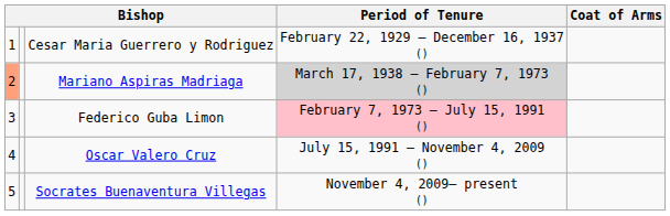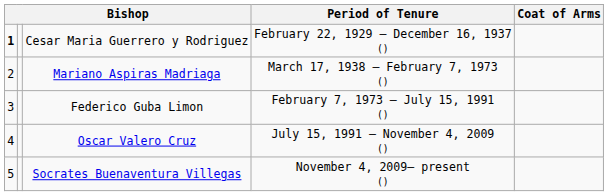 <table class="wikitable" style="font-size:90%;">
 <tr>
 <th colspan=3>Bishop</th>
 <th>Period of Tenure</th>
 <th>Coat of Arms</th>
 </tr>
 <tr align=center>
-<td>1</td>
+<td><strong>1</strong></td>
 <td></td>
 <td>Cesar Maria Guerrero y Rodriguez</td>
 <td>February 22, 1929 – December 16, 1937 <br> <small>()</small></td>
 <td></td>
 </tr>
 <tr align=center>
-<td style="background: lightsalmon;">2</td>
+<td>2</td>
 <td></td>
 <td><a href='#'>Mariano Aspiras Madriaga</a></td>
-<td style="background: lightgrey;">March 17, 1938 – February 7, 1973<br> <small>()</small></td>
+<td>March 17, 1938 – February 7, 1973<br> <small>()</small></td>
 <td></td>
 </tr>
 <tr align=center>
 <td>3</td>
 <td></td>
 <td>Federico Guba Limon</td>
-<td style="background: pink;">February 7, 1973 – July 15, 1991<br> <small>()</small></td>
+<td>February 7, 1973 – July 15, 1991<br> <small>()</small></td>
 <td></td>
 </tr>
 <tr align=center>
 <td>4</td>
 <td></td>
 <td><a href='#'>Oscar Valero Cruz</a></td>
 <td>July 15, 1991 – November 4, 2009 <br> <small>()</small></td>
 <td></td>
 </tr>
 <tr align=center>
 <td>5</td>
 <td></td>
 <td><a href='#'>Socrates Buenaventura Villegas</a></td>
 <td>November 4, 2009– present<br> <small>()</small></td>
 <td></td>
 </tr>
 </table>
